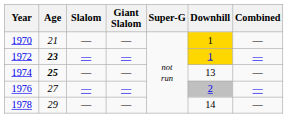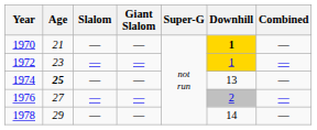 <table class=wikitable style="text-align:center">
 <tr>
 <th>  Year  </th>
 <th> Age </th>
 <th> Slalom </th>
 <th>Giant<br> Slalom </th>
 <th>Super-G</th>
 <th>Downhill</th>
 <th>Combined</th>
 </tr>
 <tr>
 <td><a href='#'>1970</a></td>
 <td><em>21</em></td>
 <td>—</td>
 <td>—</td>
 <td rowspan=5><small><em>not<br>run</em></small></td>
-<td style="background:gold;">1</td>
+<td style="background:gold;"><strong>1</strong></td>
 <td>—</td>
 </tr>
 <tr>
 <td><a href='#'>1972</a></td>
-<td><strong><em>23</em></strong></td>
+<td><em>23</em></td>
 <td><a href='#'>—</a></td>
 <td><a href='#'>—</a></td>
 <td style="background:gold;"><a href='#'>1</a></td>
 <td><a href='#'>—</a></td>
 </tr>
 <tr>
 <td><a href='#'>1974</a></td>
 <td><strong><em>25</em></strong></td>
 <td>—</td>
 <td>—</td>
 <td>13</td>
 <td>—</td>
 </tr>
 <tr>
 <td><a href='#'>1976</a></td>
 <td><em>27</em></td>
 <td><a href='#'>—</a></td>
 <td><a href='#'>—</a></td>
 <td style="background:silver;"><a href='#'>2</a></td>
 <td><a href='#'>—</a></td>
 </tr>
 <tr>
 <td><a href='#'>1978</a></td>
 <td><em>29</em></td>
 <td>—</td>
 <td>—</td>
 <td>14</td>
 <td>—</td>
 </tr>
 </table>
